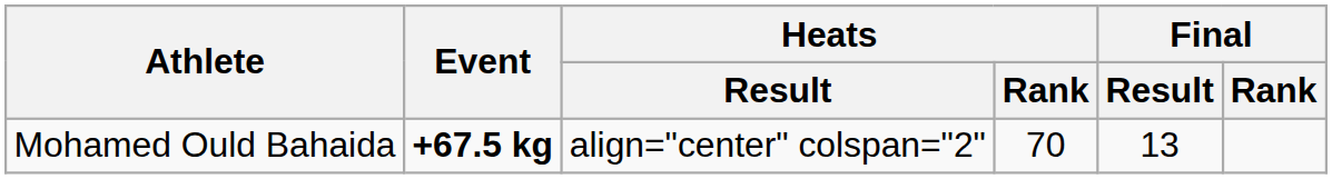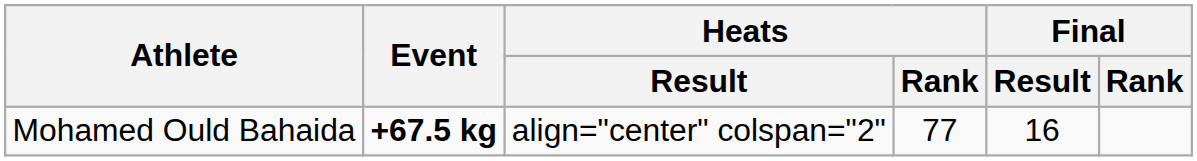 <table class=wikitable style="font-size:90%">
 <tr>
 <th rowspan="2">Athlete</th>
 <th rowspan="2">Event</th>
 <th colspan="2">Heats</th>
 <th colspan="2">Final</th>
 </tr>
 <tr>
 <th>Result</th>
 <th>Rank</th>
 <th>Result</th>
 <th>Rank</th>
 </tr>
 <tr>
 <td>Mohamed Ould Bahaida</td>
 <td><strong>+67.5 kg</strong></td>
 <td>align="center" colspan="2" </td>
-<td align="center">70</td>
-<td align="center">13</td>
+<td align="center">77</td>
+<td align="center">16</td>
 </tr>
 </table>
